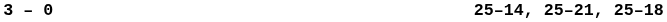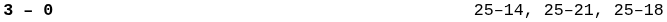 <table width=100% cellspacing=1>
 <tr>
 <th width=20%></th>
 <th width=12%></th>
 <th width=20%></th>
 <th width=33%></th>
 <td></td>
 </tr>
 <tr style=font-size:95%>
 <td align=right><strong></strong></td>
 <td align=center><strong>3 – 0</strong></td>
 <td></td>
-<td><strong>25–14, 25–21, 25–18</strong></td>
+<td>25–14, 25–21, 25–18</td>
 </tr>
 </table>
